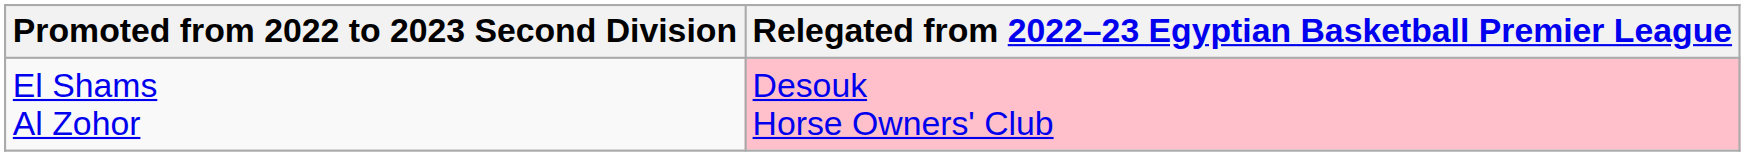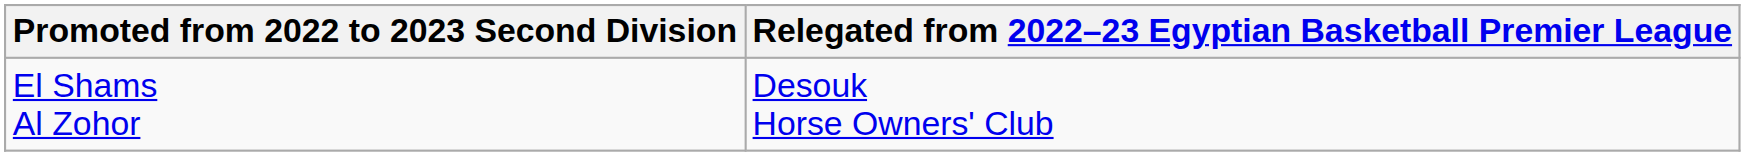 <table class="wikitable">
 <tr>
 <th> Promoted from 2022 to 2023 Second Division</th>
 <th> Relegated from <a href='#'>2022–23 Egyptian Basketball Premier League</a></th>
 </tr>
 <tr>
 <td><a href='#'>El Shams</a><br><a href='#'>Al Zohor</a></td>
-<td style="background: pink;"><a href='#'>Desouk</a><br><a href='#'>Horse Owners' Club</a></td>
+<td><a href='#'>Desouk</a><br><a href='#'>Horse Owners' Club</a></td>
 </tr>
 </table>
